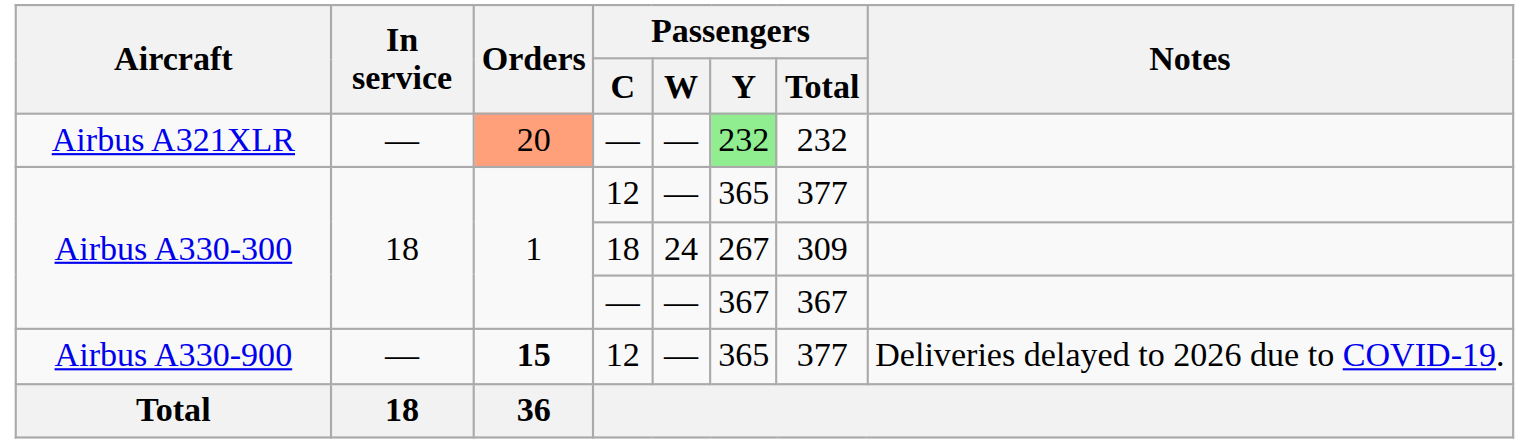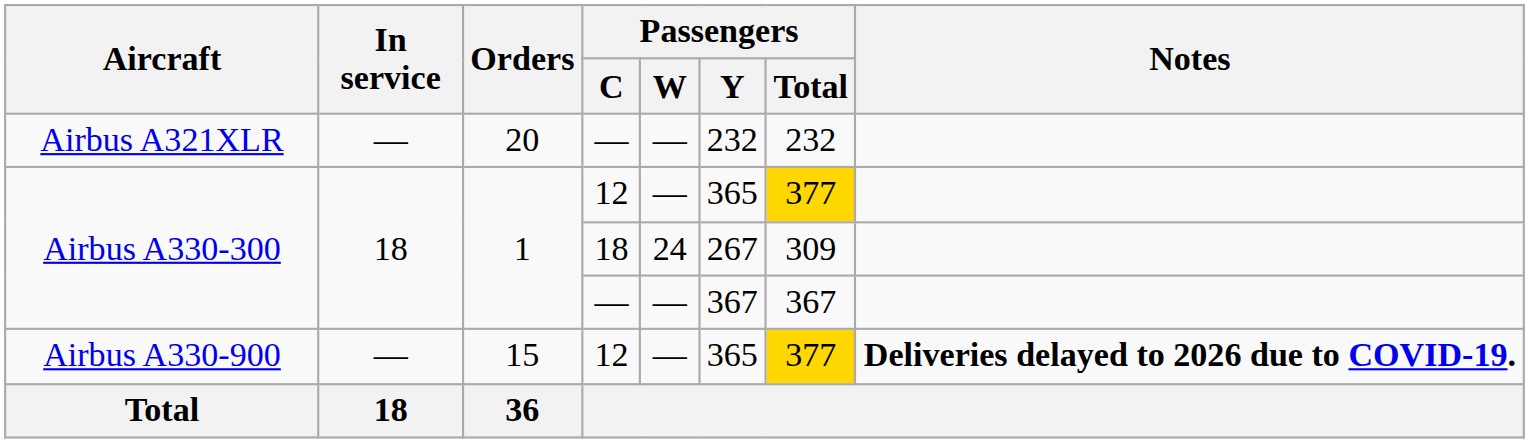 <table class="wikitable" style="margin-left: auto; margin-right: auto; border: none; text-align:center;">
 <tr>
 <th rowspan=2 style="width:140px;">Aircraft</th>
 <th rowspan=2 style="width:60px;">In service</th>
 <th rowspan=2>Orders</th>
 <th colspan=4>Passengers</th>
 <th rowspan=2>Notes</th>
 </tr>
 <tr>
 <th style="width:20px;"><abbr>C</abbr></th>
 <th style="width:20px;"><abbr>W</abbr></th>
 <th style="width:20px;"><abbr>Y</abbr></th>
 <th style="width:20px;">Total</th>
 </tr>
 <tr>
 <td><a href='#'>Airbus A321XLR</a></td>
 <td>—</td>
-<td style="background: lightsalmon;">20</td>
+<td>20</td>
 <td>—</td>
 <td>—</td>
-<td style="background: lightgreen;">232</td>
+<td>232</td>
 <td>232</td>
 <td></td>
 </tr>
 <tr>
 <td rowspan="3"><a href='#'>Airbus A330-300</a></td>
 <td rowspan="3">18</td>
 <td rowspan="3">1</td>
 <td><abbr>12</abbr></td>
 <td>—</td>
 <td>365</td>
-<td>377</td>
+<td style="background: gold;">377</td>
 <td></td>
 </tr>
 <tr>
 <td>18</td>
 <td>24</td>
 <td>267</td>
 <td>309</td>
 <td></td>
 </tr>
 <tr>
 <td>—</td>
 <td>—</td>
 <td>367</td>
 <td>367</td>
 <td></td>
 </tr>
 <tr>
 <td><a href='#'>Airbus A330-900</a></td>
 <td>—</td>
-<td><strong>15</strong></td>
+<td>15</td>
 <td><abbr>12</abbr></td>
 <td>—</td>
 <td>365</td>
-<td>377</td>
-<td>Deliveries delayed to 2026 due to <a href='#'>COVID-19</a>.</td>
+<td style="background: gold;">377</td>
+<td><strong>Deliveries delayed to 2026 due to <a href='#'>COVID-19</a>.</strong></td>
 </tr>
 <tr>
 <th>Total</th>
 <th>18</th>
 <th>36</th>
 <th colspan=6></th>
 </tr>
 </table>
